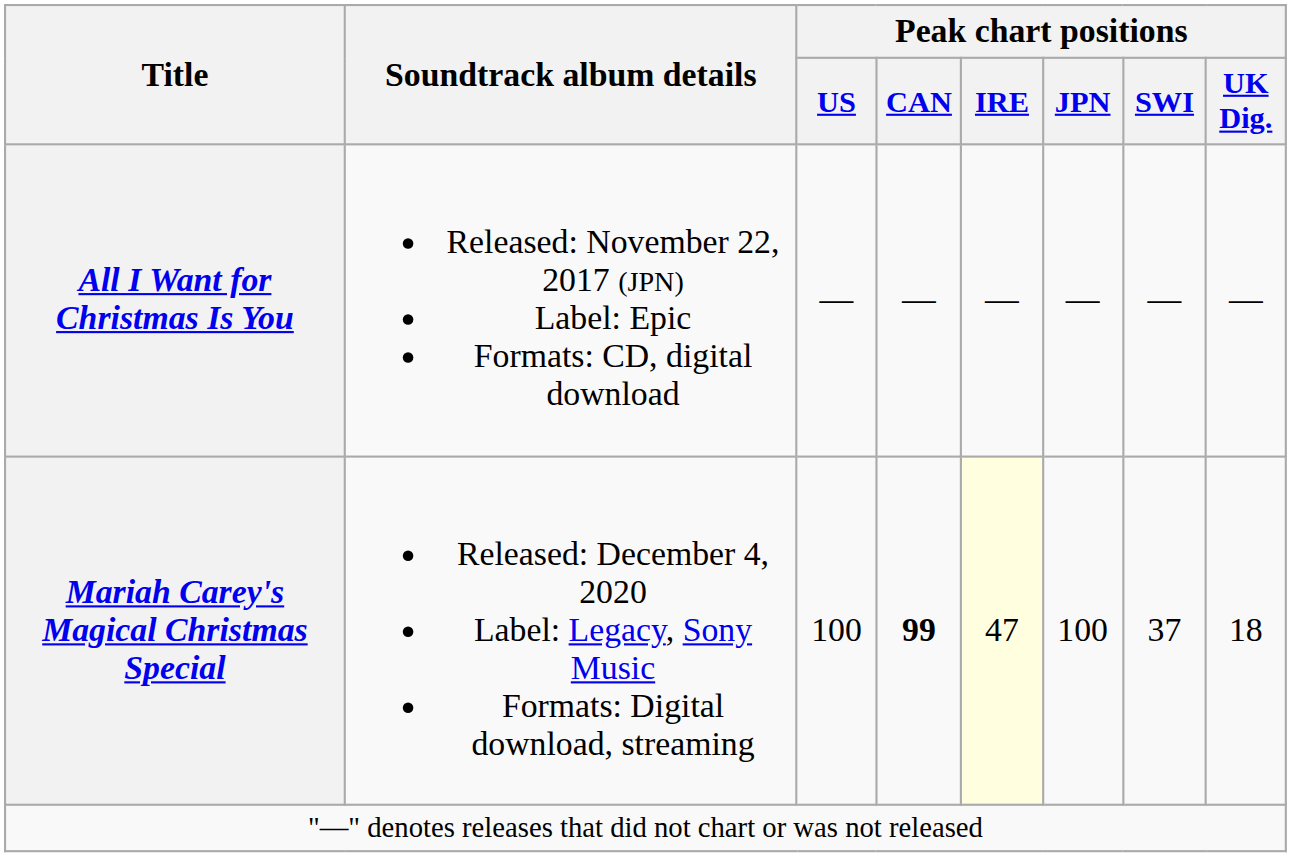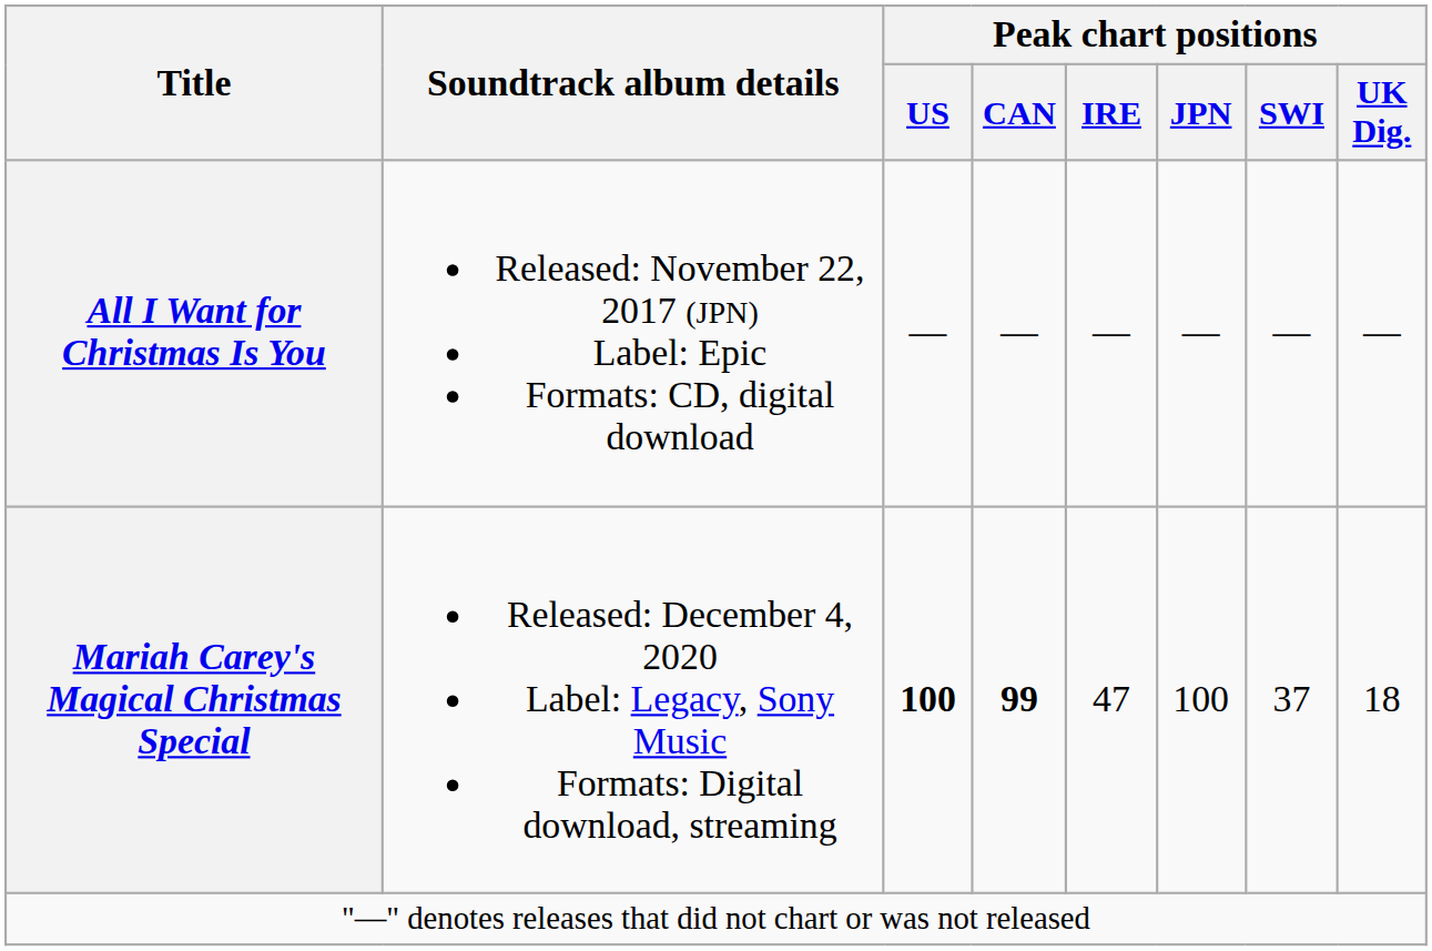 <table class="wikitable plainrowheaders" style="text-align:center;" border="1">
 <tr>
 <th scope="col" rowspan="2" style="width:14em;">Title</th>
 <th scope="col" rowspan="2" style="width:18em;">Soundtrack album details</th>
 <th scope="col" colspan="6">Peak chart positions</th>
 </tr>
 <tr>
 <th scope="col" style="width:2.5em;font-size:90%;"><a href='#'>US</a><br></th>
 <th scope="col" style="width:2.5em;font-size:90%;"><a href='#'>CAN</a><br></th>
 <th scope="col" style="width:2.5em;font-size:90%;"><a href='#'>IRE</a><br></th>
 <th scope="col" style="width:2.5em;font-size:90%;"><a href='#'>JPN</a><br></th>
 <th scope="col" style="width:2.5em;font-size:90%;"><a href='#'>SWI</a><br></th>
 <th scope="col" style="width:2.5em;font-size:90%;"><a href='#'>UK Dig.</a><br></th>
 </tr>
 <tr>
 <th scope="row"><em><a href='#'>All I Want for Christmas Is You</a></em></th>
 <td><br><ul><li>Released: November 22, 2017 <small>(JPN)</small></li><li>Label: Epic</li><li>Formats: CD, digital download</li></ul></td>
 <td>—</td>
 <td>—</td>
 <td>—</td>
 <td>—</td>
 <td>—</td>
 <td>—</td>
 </tr>
 <tr>
 <th scope="row"><em><a href='#'>Mariah Carey's Magical Christmas Special</a></em></th>
 <td><br><ul><li>Released: December 4, 2020</li><li>Label: <a href='#'>Legacy</a>, <a href='#'>Sony Music</a></li><li>Formats: Digital download, streaming</li></ul></td>
-<td>100</td>
+<td><strong>100</strong></td>
 <td><strong>99</strong></td>
-<td style="background: lightyellow;">47</td>
+<td>47</td>
 <td>100</td>
 <td>37</td>
 <td>18</td>
 </tr>
 <tr>
 <td colspan="14" style="text-align:center; font-size:85%">"—" denotes releases that did not chart or was not released</td>
 </tr>
 </table>
